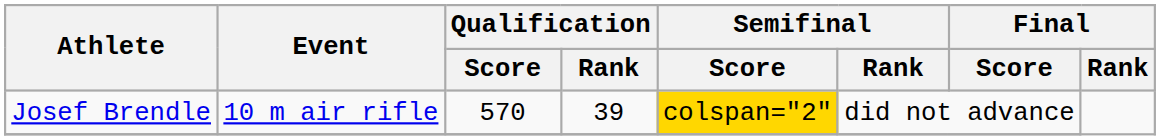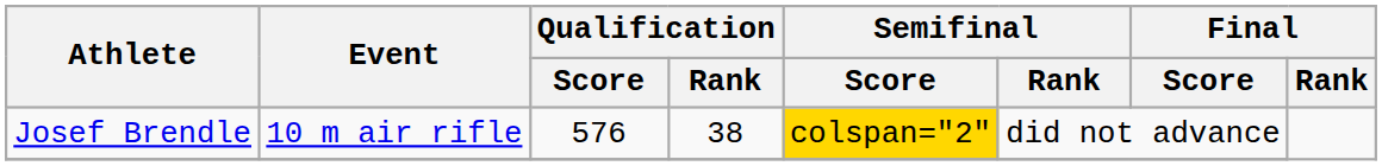 <table class="wikitable" style="font-size:90%">
 <tr>
 <th rowspan="2">Athlete</th>
 <th rowspan="2">Event</th>
 <th colspan="2">Qualification</th>
 <th colspan="2">Semifinal</th>
 <th colspan="2">Final</th>
 </tr>
 <tr>
 <th>Score</th>
 <th>Rank</th>
 <th>Score</th>
 <th>Rank</th>
 <th>Score</th>
 <th>Rank</th>
 </tr>
 <tr>
 <td><a href='#'>Josef Brendle</a></td>
 <td><a href='#'>10 m air rifle</a></td>
-<td align="center">570</td>
-<td align="center">39</td>
+<td align="center">576</td>
+<td align="center">38</td>
 <td style="background: gold;">colspan="2" </td>
 <td colspan="2"  align="center">did not advance</td>
 </tr>
 <tr>
 </tr>
 </table>
